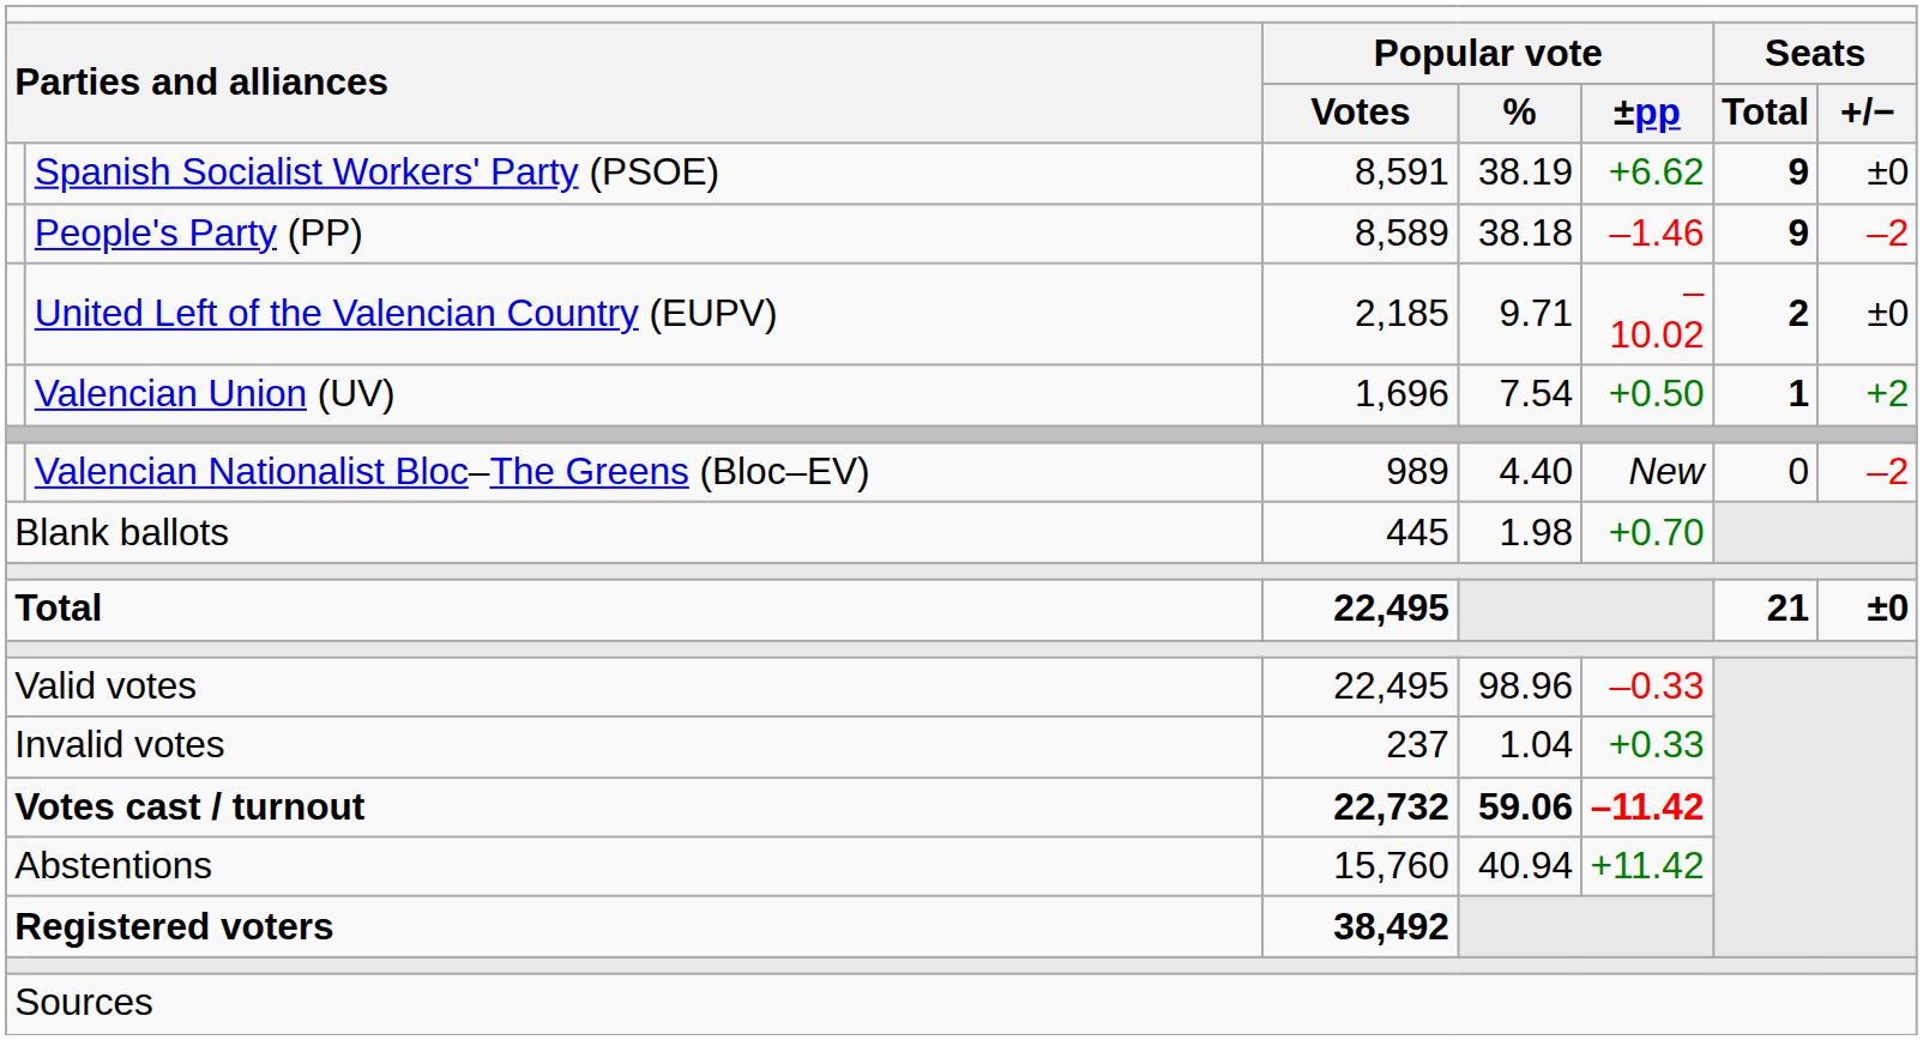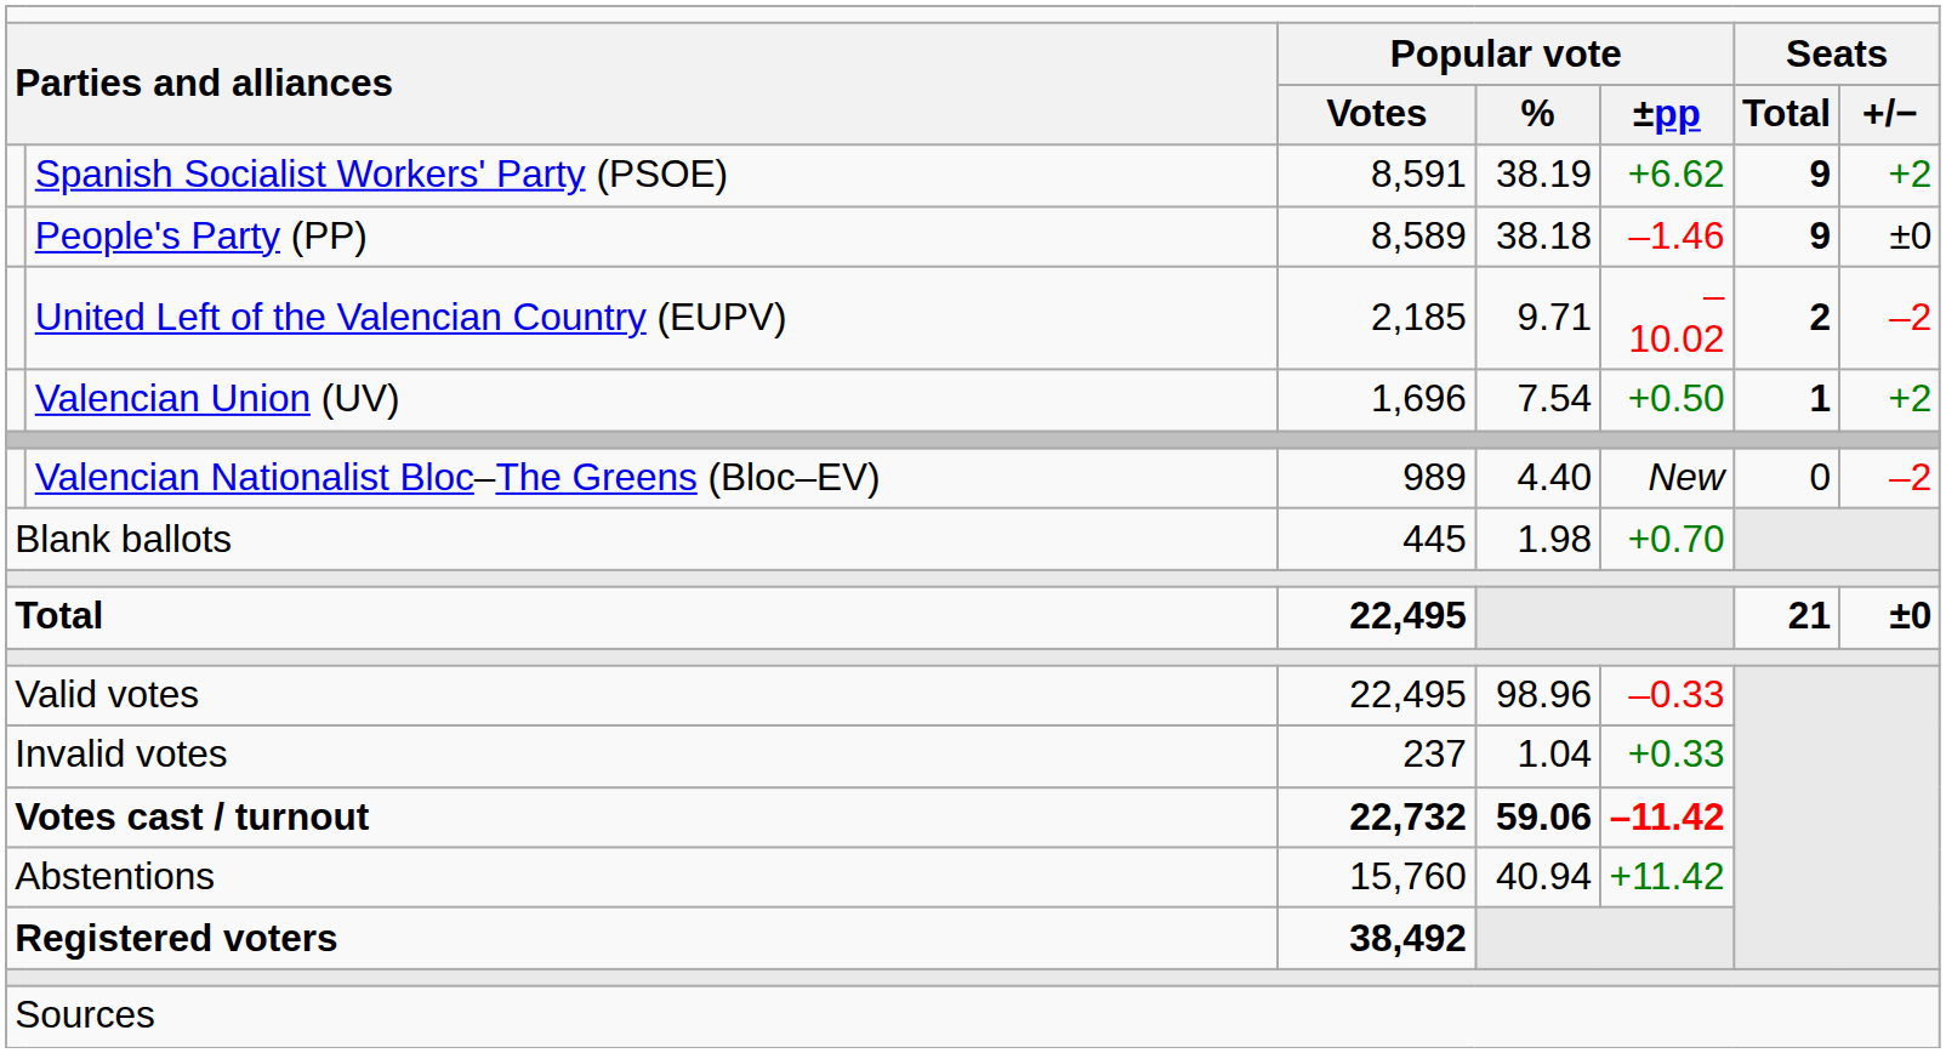 <table class="wikitable" style="text-align:right;">
 <tr>
 <td colspan="7"></td>
 </tr>
 <tr>
 <th style="text-align:left;" rowspan="2" colspan="2" width="525">Parties and alliances</th>
 <th colspan="3">Popular vote</th>
 <th colspan="2">Seats</th>
 </tr>
 <tr>
 <th width="75">Votes</th>
 <th width="45">%</th>
 <th width="45">±<a href='#'>pp</a></th>
 <th width="35">Total</th>
 <th width="35">+/−</th>
 </tr>
 <tr>
 <td width="1" style="color:inherit;background:"></td>
 <td align="left"><a href='#'>Spanish Socialist Workers' Party</a> (PSOE)</td>
 <td>8,591</td>
 <td>38.19</td>
 <td style="color:green;">+6.62</td>
 <td><strong>9</strong></td>
-<td>±0</td>
+<td style="color:green;">+2</td>
 </tr>
 <tr>
 <td style="color:inherit;background:"></td>
 <td align="left"><a href='#'>People's Party</a> (PP)</td>
 <td>8,589</td>
 <td>38.18</td>
 <td style="color:red;">–1.46</td>
 <td><strong>9</strong></td>
-<td style="color:red;">–2</td>
+<td>±0</td>
 </tr>
 <tr>
 <td style="color:inherit;background:"></td>
 <td align="left"><a href='#'>United Left of the Valencian Country</a> (EUPV)</td>
 <td>2,185</td>
 <td>9.71</td>
 <td style="color:red;">–10.02</td>
 <td><strong>2</strong></td>
-<td>±0</td>
+<td style="color:red;">–2</td>
 </tr>
 <tr>
 <td style="color:inherit;background:"></td>
 <td align="left"><a href='#'>Valencian Union</a> (UV)</td>
 <td>1,696</td>
 <td>7.54</td>
 <td style="color:green;">+0.50</td>
 <td><strong>1</strong></td>
 <td style="color:green;">+2</td>
 </tr>
 <tr>
 <td colspan="7" bgcolor="#C0C0C0"></td>
 </tr>
 <tr>
 <td style="color:inherit;background:"></td>
 <td align="left"><a href='#'>Valencian Nationalist Bloc</a>–<a href='#'>The Greens</a> (Bloc–EV)</td>
 <td>989</td>
 <td>4.40</td>
 <td><em>New</em></td>
 <td>0</td>
 <td style="color:red;">–2</td>
 </tr>
 <tr>
 <td align="left" colspan="2">Blank ballots</td>
 <td>445</td>
 <td>1.98</td>
 <td style="color:green;">+0.70</td>
 <td bgcolor="#E9E9E9" colspan="2"></td>
 </tr>
 <tr>
 <td colspan="7" bgcolor="#E9E9E9"></td>
 </tr>
 <tr style="font-weight:bold;">
 <td align="left" colspan="2">Total</td>
 <td>22,495</td>
 <td bgcolor="#E9E9E9" colspan="2"></td>
 <td>21</td>
 <td>±0</td>
 </tr>
 <tr>
 <td colspan="7" bgcolor="#E9E9E9"></td>
 </tr>
 <tr>
 <td align="left" colspan="2">Valid votes</td>
 <td>22,495</td>
 <td>98.96</td>
 <td style="color:red;">–0.33</td>
 <td bgcolor="#E9E9E9" colspan="2" rowspan="5"></td>
 </tr>
 <tr>
 <td align="left" colspan="2">Invalid votes</td>
 <td>237</td>
 <td>1.04</td>
 <td style="color:green;">+0.33</td>
 </tr>
 <tr style="font-weight:bold;">
 <td align="left" colspan="2">Votes cast / turnout</td>
 <td>22,732</td>
 <td>59.06</td>
 <td style="color:red;">–11.42</td>
 </tr>
 <tr>
 <td align="left" colspan="2">Abstentions</td>
 <td>15,760</td>
 <td>40.94</td>
 <td style="color:green;">+11.42</td>
 </tr>
 <tr style="font-weight:bold;">
 <td align="left" colspan="2">Registered voters</td>
 <td>38,492</td>
 <td bgcolor="#E9E9E9" colspan="2"></td>
 </tr>
 <tr>
 <td colspan="7" bgcolor="#E9E9E9"></td>
 </tr>
 <tr>
 <td align="left" colspan="7">Sources</td>
 </tr>
 </table>
